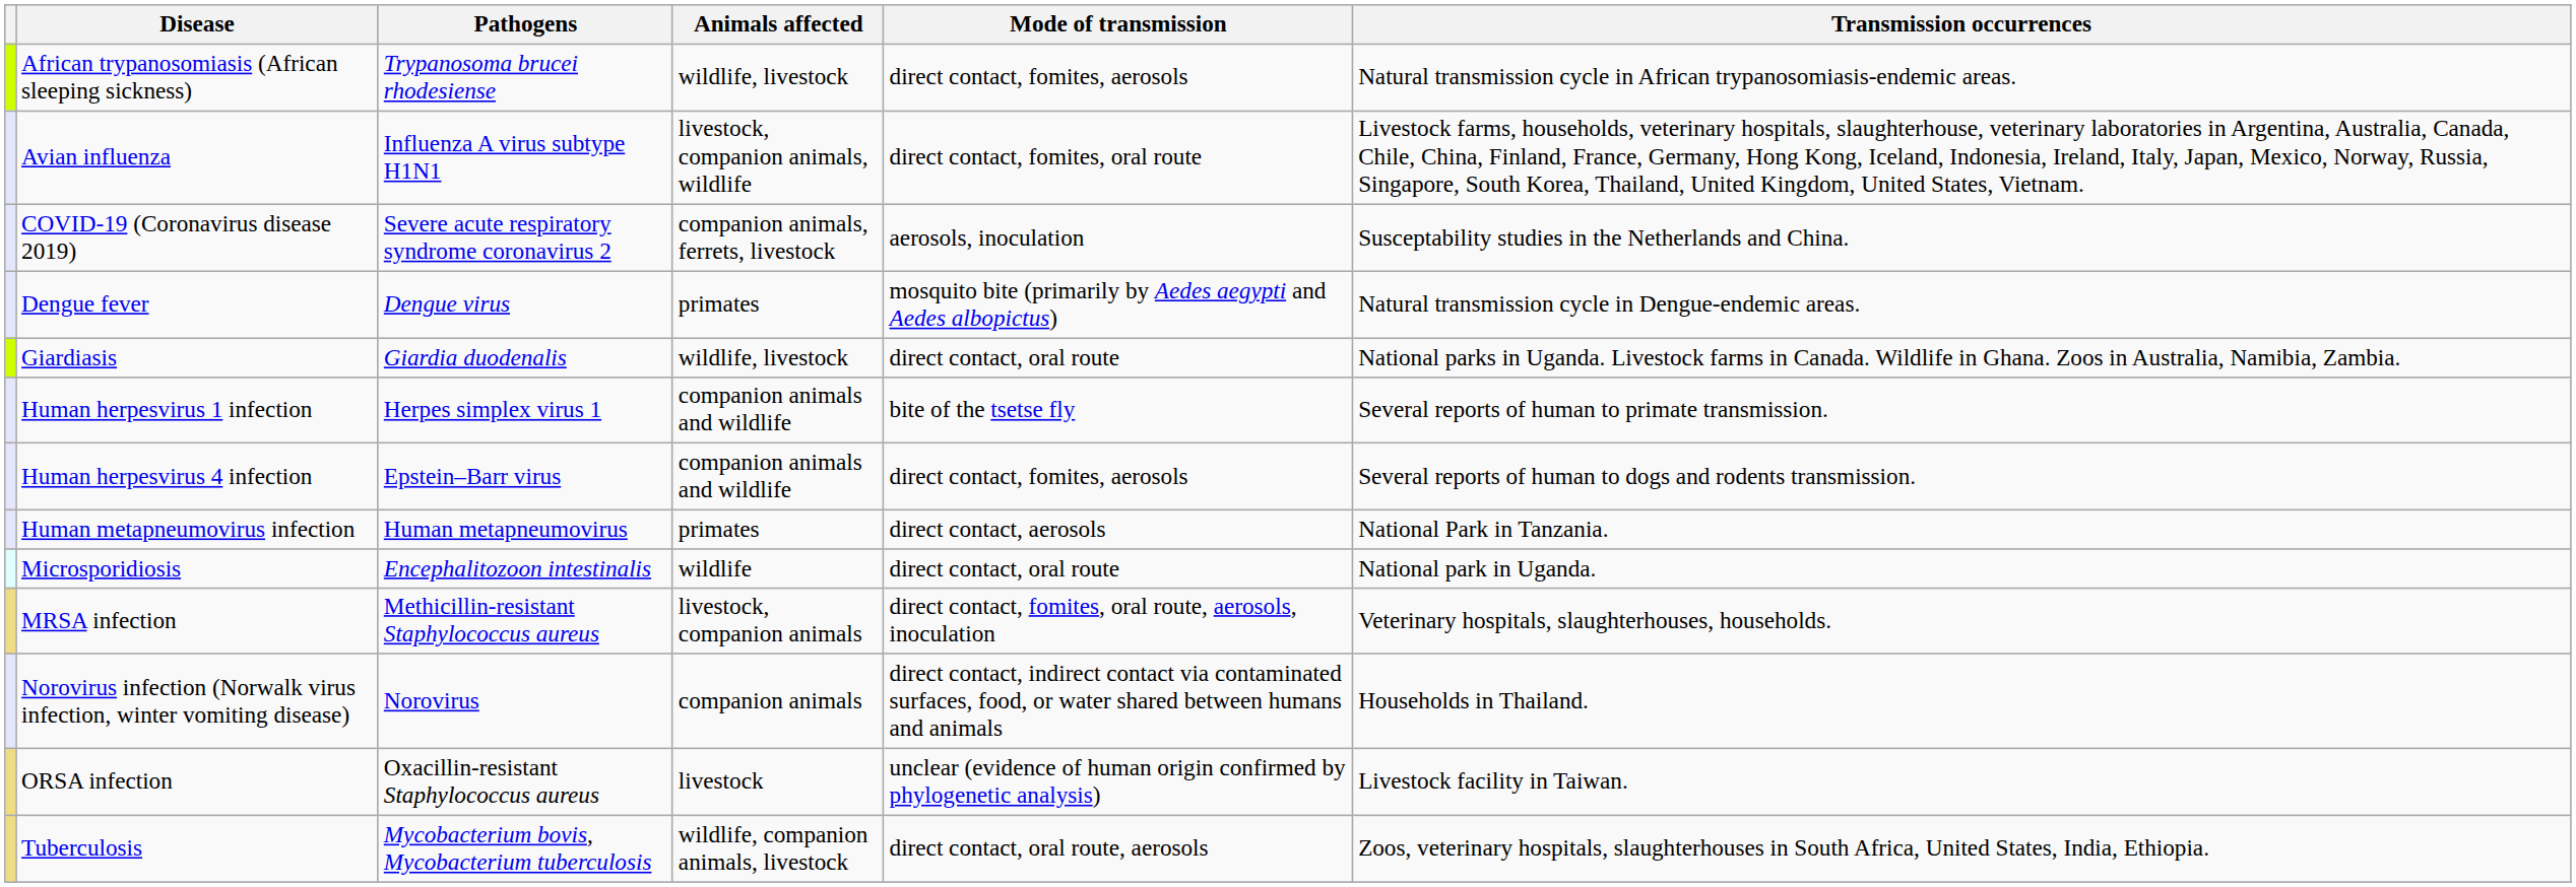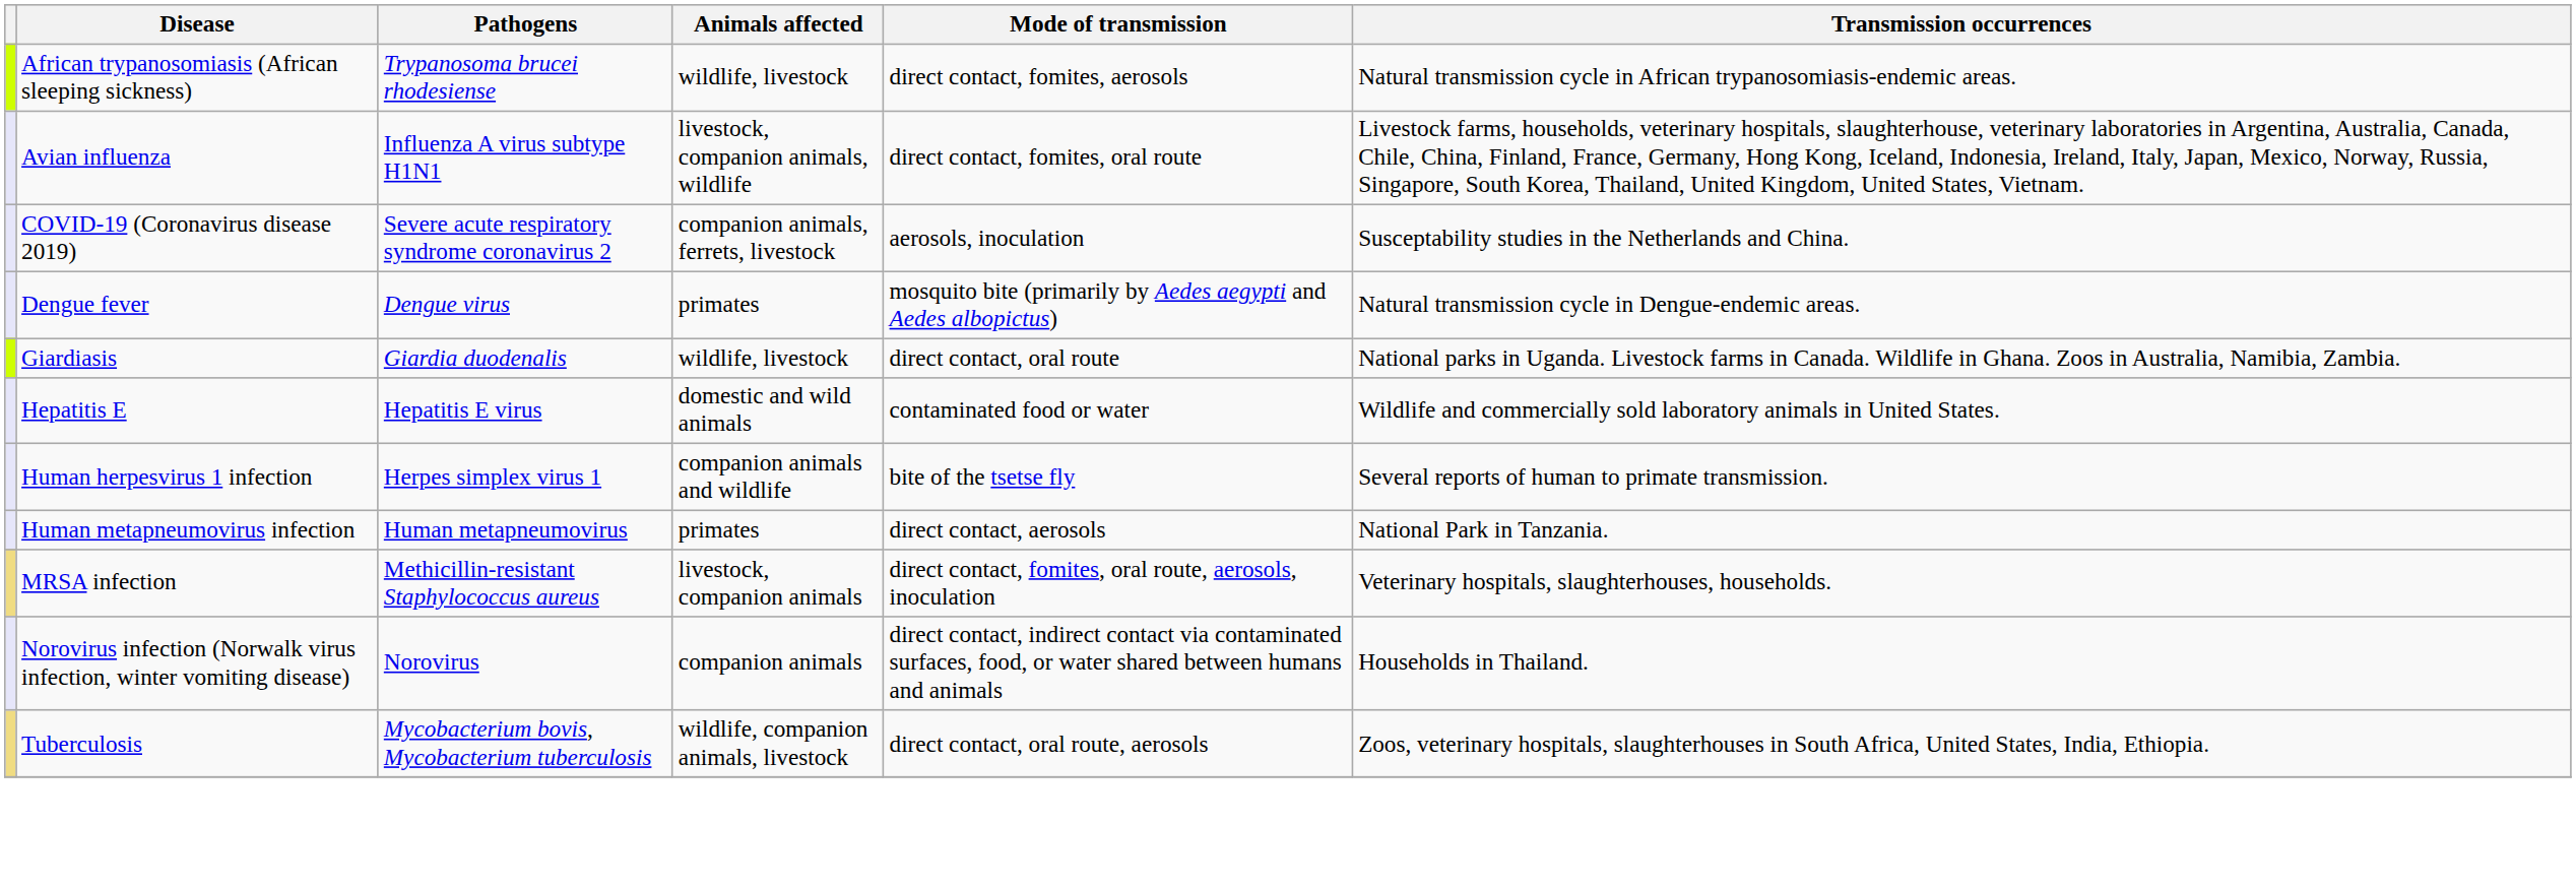 <table class="wikitable sortable sticky-header-multi" style="font-size: 90%; position:relative">
 <tr>
 <th class="unsortable"></th>
 <th>Disease</th>
 <th class="unsortable">Pathogens</th>
 <th class="unsortable">Animals affected</th>
 <th class="unsortable">Mode of transmission</th>
 <th class="unsortable">Transmission occurrences</th>
 </tr>
 <tr>
 <td style="background: #CEFF00;"></td>
 <td><a href='#'>African trypanosomiasis</a> (African sleeping sickness)</td>
 <td><em><a href='#'>Trypanosoma brucei rhodesiense</a></em></td>
 <td>wildlife, livestock</td>
 <td>direct contact, fomites, aerosols</td>
 <td>Natural transmission cycle in African trypanosomiasis-endemic areas.</td>
 </tr>
 <tr>
 <td style="background: lavender;"></td>
 <td><a href='#'>Avian influenza</a></td>
 <td><a href='#'>Influenza A virus subtype H1N1</a></td>
 <td>livestock, companion animals, wildlife</td>
 <td>direct contact, fomites, oral route</td>
 <td>Livestock farms, households, veterinary hospitals, slaughterhouse, veterinary laboratories in Argentina, Australia, Canada, Chile, China, Finland, France, Germany, Hong Kong, Iceland, Indonesia, Ireland, Italy, Japan, Mexico, Norway, Russia, Singapore, South Korea, Thailand, United Kingdom, United States, Vietnam.</td>
 </tr>
 <tr>
 <td style="background: lavender;"></td>
 <td><a href='#'>COVID-19</a> (Coronavirus disease 2019)</td>
 <td><a href='#'>Severe acute respiratory syndrome coronavirus 2</a></td>
 <td>companion animals, ferrets, livestock</td>
 <td>aerosols, inoculation</td>
 <td>Susceptability studies in the Netherlands and China.</td>
 </tr>
 <tr>
 <td style="background: lavender;"></td>
 <td><a href='#'>Dengue fever</a></td>
 <td><em><a href='#'>Dengue virus</a></em></td>
 <td>primates</td>
 <td>mosquito bite (primarily by <em><a href='#'>Aedes aegypti</a></em> and <em><a href='#'>Aedes albopictus</a></em>)</td>
 <td>Natural transmission cycle in Dengue-endemic areas.</td>
 </tr>
 <tr>
 <td style="background: #CEFF00;"></td>
 <td><a href='#'>Giardiasis</a></td>
 <td><em><a href='#'>Giardia duodenalis</a></em></td>
 <td>wildlife, livestock</td>
 <td>direct contact, oral route</td>
 <td>National parks in Uganda. Livestock farms in Canada. Wildlife in Ghana. Zoos in Australia, Namibia, Zambia.</td>
 </tr>
 <tr>
 <td style="background: lavender;"></td>
+<td><a href='#'>Hepatitis E</a></td>
+<td><a href='#'>Hepatitis E virus</a></td>
+<td>domestic and wild animals</td>
+<td>contaminated food or water</td>
+<td>Wildlife and commercially sold laboratory animals in United States.</td>
+</tr>
+<tr>
+<td style="background: lavender;"></td>
 <td><a href='#'>Human herpesvirus 1</a> infection</td>
 <td><a href='#'>Herpes simplex virus 1</a></td>
 <td>companion animals and wildlife</td>
 <td>bite of the <a href='#'>tsetse fly</a></td>
 <td>Several reports of human to primate transmission.</td>
 </tr>
 <tr>
 <td style="background: lavender;"></td>
-<td><a href='#'>Human herpesvirus 4</a> infection</td>
-<td><a href='#'>Epstein–Barr virus</a></td>
-<td>companion animals and wildlife</td>
-<td>direct contact, fomites, aerosols</td>
-<td>Several reports of human to dogs and rodents transmission.</td>
-</tr>
-<tr>
-<td style="background: lavender;"></td>
 <td><a href='#'>Human metapneumovirus</a> infection</td>
 <td><a href='#'>Human metapneumovirus</a></td>
 <td>primates</td>
 <td>direct contact, aerosols</td>
 <td>National Park in Tanzania.</td>
-</tr>
-<tr>
-<td style="background: #e0ffff;"></td>
-<td><a href='#'>Microsporidiosis</a></td>
-<td><em><a href='#'>Encephalitozoon intestinalis</a></em></td>
-<td>wildlife</td>
-<td>direct contact, oral route</td>
-<td>National park in Uganda.</td>
 </tr>
 <tr>
 <td style="background: #f0dc82;"></td>
 <td><a href='#'>MRSA</a> infection</td>
 <td><a href='#'>Methicillin-resistant <em>Staphylococcus aureus</em></a></td>
 <td>livestock, companion animals</td>
 <td>direct contact, <a href='#'>fomites</a>, oral route, <a href='#'>aerosols</a>, inoculation</td>
 <td>Veterinary hospitals, slaughterhouses, households.</td>
 </tr>
 <tr>
 <td style="background: lavender;"></td>
 <td><a href='#'>Norovirus</a> infection (Norwalk virus infection, winter vomiting disease)</td>
 <td><a href='#'>Norovirus</a></td>
 <td>companion animals</td>
 <td>direct contact, indirect contact via contaminated surfaces, food, or water shared between humans and animals</td>
 <td>Households in Thailand.</td>
 </tr>
 <tr>
 <td style="background: #f0dc82;"></td>
-<td>ORSA infection</td>
-<td>Oxacillin-resistant <em>Staphylococcus aureus</em></td>
-<td>livestock</td>
-<td>unclear (evidence of human origin confirmed by <a href='#'>phylogenetic analysis</a>)</td>
-<td>Livestock facility in Taiwan.</td>
-</tr>
-<tr>
-<td style="background: #f0dc82;"></td>
 <td><a href='#'>Tuberculosis</a></td>
 <td><em><a href='#'>Mycobacterium bovis</a></em>, <em><a href='#'>Mycobacterium tuberculosis</a></em></td>
 <td>wildlife, companion animals, livestock</td>
 <td>direct contact, oral route, aerosols</td>
 <td>Zoos, veterinary hospitals, slaughterhouses in South Africa, United States, India, Ethiopia.</td>
 </tr>
 <tr>
 </tr>
 </table>
